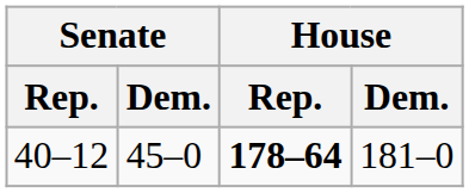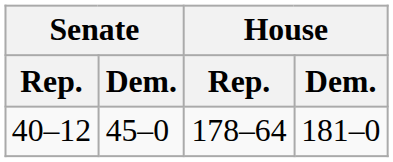 <table class="wikitable" align="right" style="margin-left:1em">
 <tr>
 <th colspan=2>Senate</th>
 <th colspan=2>House</th>
 </tr>
 <tr>
 <th>Rep.</th>
 <th>Dem.</th>
 <th>Rep.</th>
 <th>Dem.</th>
 </tr>
 <tr>
 <td>40–12</td>
 <td>45–0</td>
-<td><strong>178–64</strong></td>
+<td>178–64</td>
 <td>181–0</td>
 </tr>
 </table>
